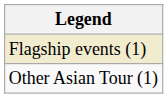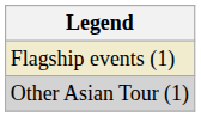 <table class="wikitable" style="font-size:95%;">
 <tr>
 <th>Legend</th>
 </tr>
 <tr style="background:#f2ecce;">
 <td>Flagship events (1)</td>
 </tr>
 <tr>
-<td>Other Asian Tour (1)</td>
+<td style="background: lightgrey;">Other Asian Tour (1)</td>
 </tr>
 </table>
